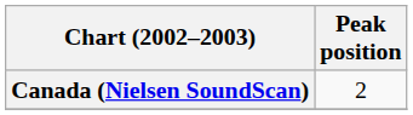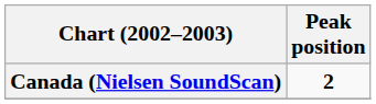 <table class="wikitable sortable plainrowheaders" style="text-align:center">
 <tr>
 <th>Chart (2002–2003)</th>
 <th>Peak<br>position</th>
 </tr>
 <tr>
 <th scope="row">Canada (<a href='#'>Nielsen SoundScan</a>)</th>
-<td>2</td>
+<td><strong>2</strong></td>
 </tr>
 <tr>
 </tr>
 <tr>
 </tr>
 <tr>
 </tr>
 <tr>
 </tr>
 <tr>
 </tr>
 <tr>
 </tr>
 <tr>
 </tr>
 </table>
